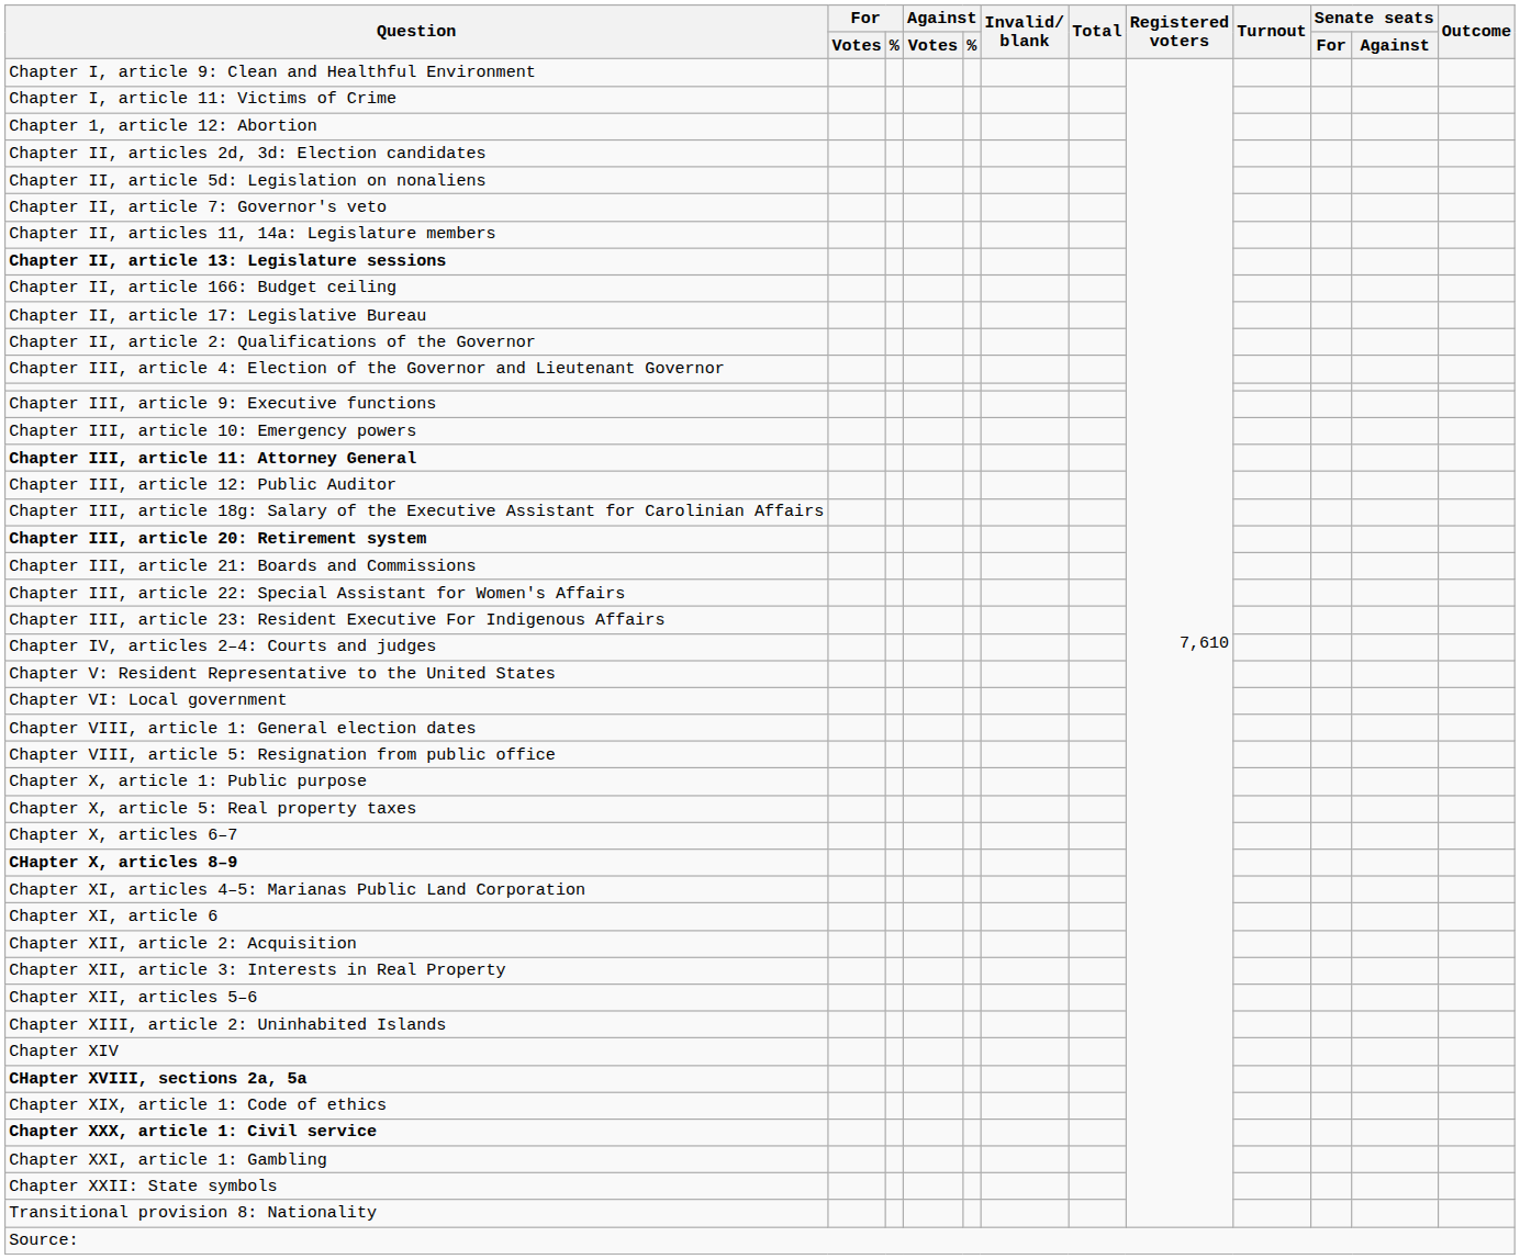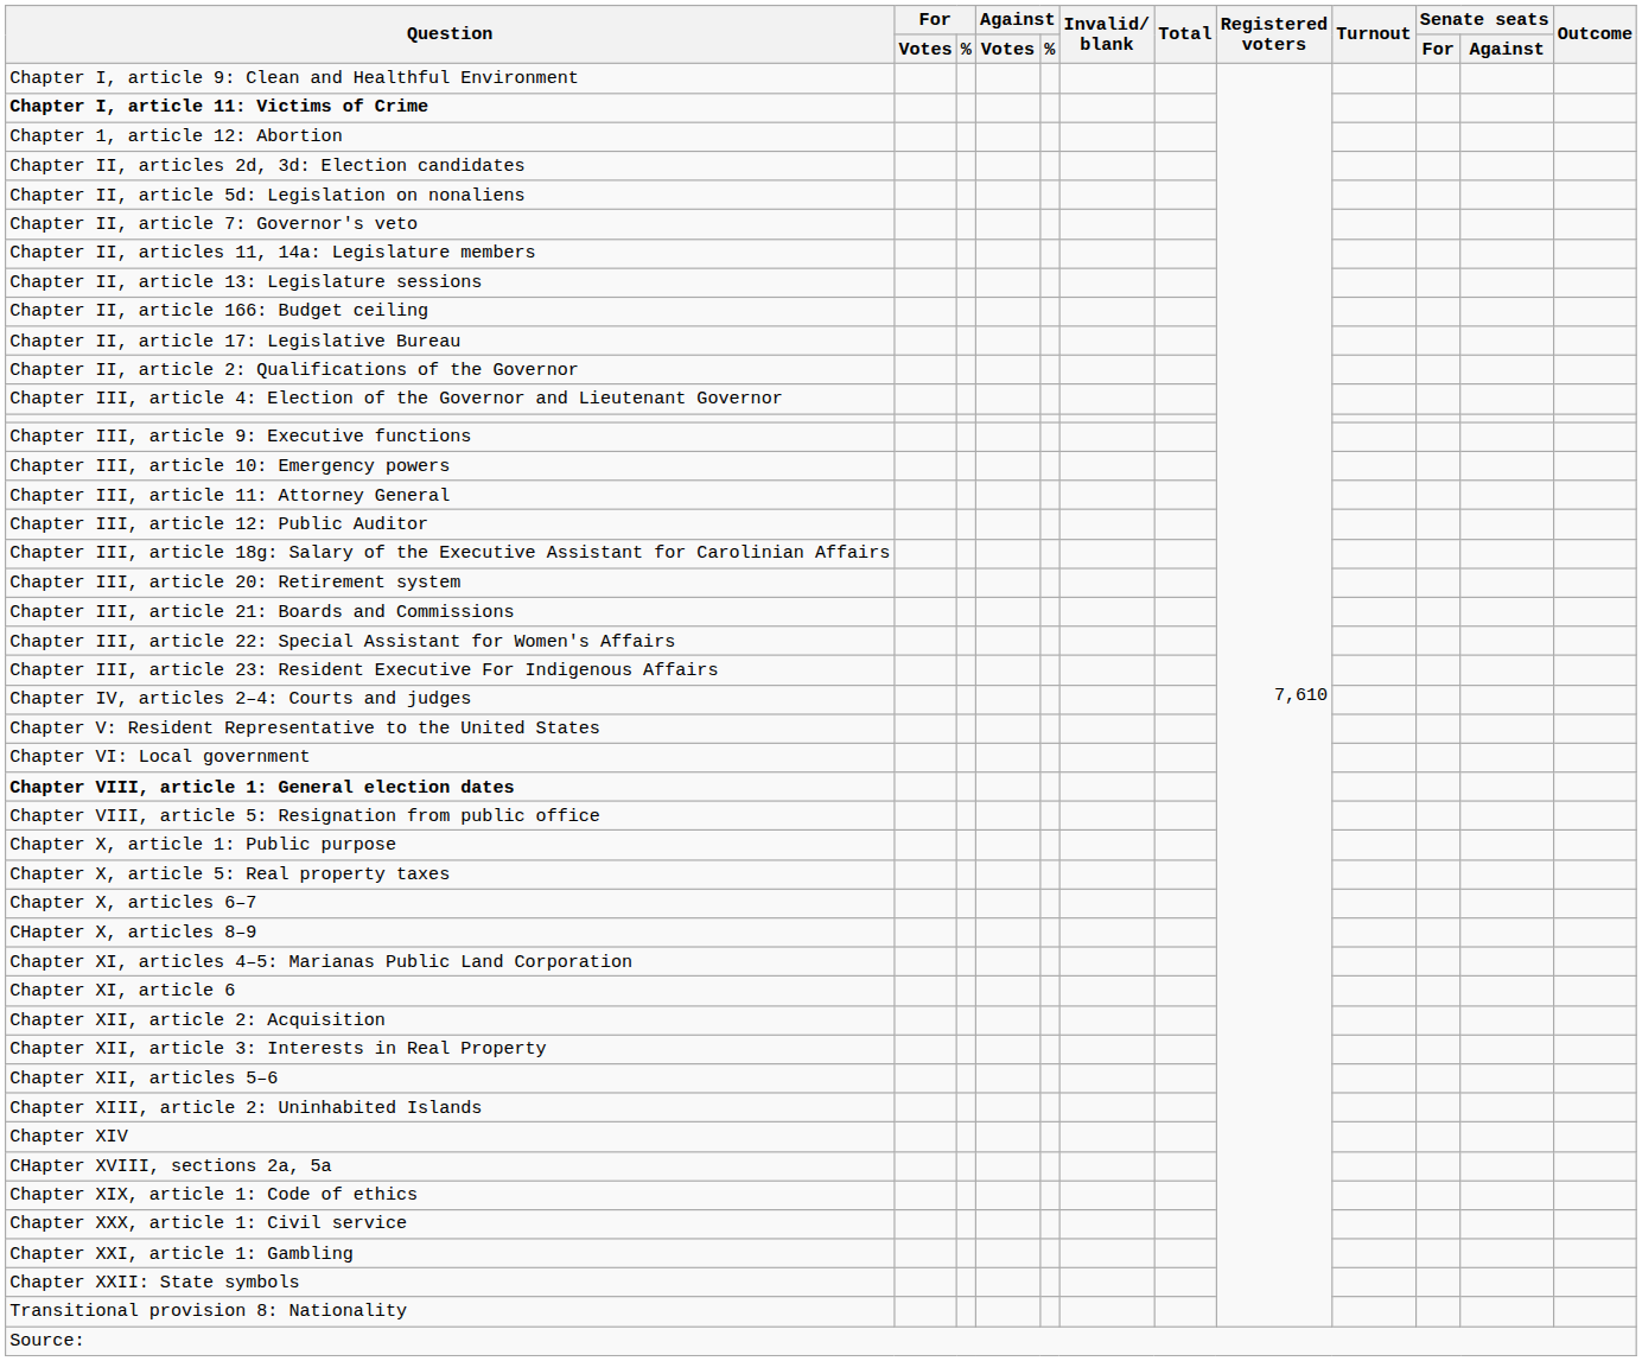 <table class=wikitable style=text-align:right>
 <tr>
 <th rowspan=2>Question</th>
 <th colspan=2>For</th>
 <th colspan=2>Against</th>
 <th rowspan=2>Invalid/<br>blank</th>
 <th rowspan=2>Total</th>
 <th rowspan=2>Registered<br>voters</th>
 <th rowspan=2>Turnout</th>
 <th colspan=2>Senate seats</th>
 <th rowspan=2>Outcome</th>
 </tr>
 <tr>
 <th>Votes</th>
 <th>%</th>
 <th>Votes</th>
 <th>%</th>
 <th>For</th>
 <th>Against</th>
 </tr>
 <tr>
 <td align=left>Chapter I, article 9: Clean and Healthful Environment</td>
 <td></td>
 <td></td>
 <td></td>
 <td></td>
 <td></td>
 <td></td>
 <td rowspan=44>7,610</td>
 <td></td>
 <td></td>
 <td></td>
 <td></td>
 </tr>
 <tr>
-<td align=left>Chapter I, article 11: Victims of Crime</td>
+<td align=left><strong>Chapter I, article 11: Victims of Crime</strong></td>
 <td></td>
 <td></td>
 <td></td>
 <td></td>
 <td></td>
 <td></td>
 <td></td>
 <td></td>
 <td></td>
 <td></td>
 </tr>
 <tr>
 <td align=left>Chapter 1, article 12: Abortion</td>
 <td></td>
 <td></td>
 <td></td>
 <td></td>
 <td></td>
 <td></td>
 <td></td>
 <td></td>
 <td></td>
 <td></td>
 </tr>
 <tr>
 <td align=left>Chapter II, articles 2d, 3d: Election candidates</td>
 <td></td>
 <td></td>
 <td></td>
 <td></td>
 <td></td>
 <td></td>
 <td></td>
 <td></td>
 <td></td>
 <td></td>
 </tr>
 <tr>
 <td align=left>Chapter II, article 5d: Legislation on nonaliens</td>
 <td></td>
 <td></td>
 <td></td>
 <td></td>
 <td></td>
 <td></td>
 <td></td>
 <td></td>
 <td></td>
 <td></td>
 </tr>
 <tr>
 <td align=left>Chapter II, article 7: Governor's veto</td>
 <td></td>
 <td></td>
 <td></td>
 <td></td>
 <td></td>
 <td></td>
 <td></td>
 <td></td>
 <td></td>
 <td></td>
 </tr>
 <tr>
 <td align=left>Chapter II, articles 11, 14a: Legislature members</td>
 <td></td>
 <td></td>
 <td></td>
 <td></td>
 <td></td>
 <td></td>
 <td></td>
 <td></td>
 <td></td>
 <td></td>
 </tr>
 <tr>
-<td align=left><strong>Chapter II, article 13: Legislature sessions</strong></td>
+<td align=left>Chapter II, article 13: Legislature sessions</td>
 <td></td>
 <td></td>
 <td></td>
 <td></td>
 <td></td>
 <td></td>
 <td></td>
 <td></td>
 <td></td>
 <td></td>
 </tr>
 <tr>
 <td align=left>Chapter II, article 166: Budget ceiling</td>
 <td></td>
 <td></td>
 <td></td>
 <td></td>
 <td></td>
 <td></td>
 <td></td>
 <td></td>
 <td></td>
 <td></td>
 </tr>
 <tr>
 <td align=left>Chapter II, article 17: Legislative Bureau</td>
 <td></td>
 <td></td>
 <td></td>
 <td></td>
 <td></td>
 <td></td>
 <td></td>
 <td></td>
 <td></td>
 <td></td>
 </tr>
 <tr>
 <td align=left>Chapter II, article 2: Qualifications of the Governor</td>
 <td></td>
 <td></td>
 <td></td>
 <td></td>
 <td></td>
 <td></td>
 <td></td>
 <td></td>
 <td></td>
 <td></td>
 </tr>
 <tr>
 <td align=left>Chapter III, article 4: Election of the Governor and Lieutenant Governor</td>
 <td></td>
 <td></td>
 <td></td>
 <td></td>
 <td></td>
 <td></td>
 <td></td>
 <td></td>
 <td></td>
 <td></td>
 </tr>
 <tr>
 <td align=left></td>
 <td></td>
 <td></td>
 <td></td>
 <td></td>
 <td></td>
 <td></td>
 <td></td>
 <td></td>
 <td></td>
 <td></td>
 </tr>
 <tr>
 <td align=left>Chapter III, article 9: Executive functions</td>
 <td></td>
 <td></td>
 <td></td>
 <td></td>
 <td></td>
 <td></td>
 <td></td>
 <td></td>
 <td></td>
 <td></td>
 </tr>
 <tr>
 <td align=left>Chapter III, article 10: Emergency powers</td>
 <td></td>
 <td></td>
 <td></td>
 <td></td>
 <td></td>
 <td></td>
 <td></td>
 <td></td>
 <td></td>
 <td></td>
 </tr>
 <tr>
-<td align=left><strong>Chapter III, article 11: Attorney General</strong></td>
+<td align=left>Chapter III, article 11: Attorney General</td>
 <td></td>
 <td></td>
 <td></td>
 <td></td>
 <td></td>
 <td></td>
 <td></td>
 <td></td>
 <td></td>
 <td></td>
 </tr>
 <tr>
 <td align=left>Chapter III, article 12: Public Auditor</td>
 <td></td>
 <td></td>
 <td></td>
 <td></td>
 <td></td>
 <td></td>
 <td></td>
 <td></td>
 <td></td>
 <td></td>
 </tr>
 <tr>
 <td align=left>Chapter III, article 18g: Salary of the Executive Assistant for Carolinian Affairs</td>
 <td></td>
 <td></td>
 <td></td>
 <td></td>
 <td></td>
 <td></td>
 <td></td>
 <td></td>
 <td></td>
 <td></td>
 </tr>
 <tr>
-<td align=left><strong>Chapter III, article 20: Retirement system</strong></td>
+<td align=left>Chapter III, article 20: Retirement system</td>
 <td></td>
 <td></td>
 <td></td>
 <td></td>
 <td></td>
 <td></td>
 <td></td>
 <td></td>
 <td></td>
 <td></td>
 </tr>
 <tr>
 <td align=left>Chapter III, article 21: Boards and Commissions</td>
 <td></td>
 <td></td>
 <td></td>
 <td></td>
 <td></td>
 <td></td>
 <td></td>
 <td></td>
 <td></td>
 <td></td>
 </tr>
 <tr>
 <td align=left>Chapter III, article 22: Special Assistant for Women's Affairs</td>
 <td></td>
 <td></td>
 <td></td>
 <td></td>
 <td></td>
 <td></td>
 <td></td>
 <td></td>
 <td></td>
 <td></td>
 </tr>
 <tr>
 <td align=left>Chapter III, article 23: Resident Executive For Indigenous Affairs</td>
 <td></td>
 <td></td>
 <td></td>
 <td></td>
 <td></td>
 <td></td>
 <td></td>
 <td></td>
 <td></td>
 <td></td>
 </tr>
 <tr>
 <td align=left>Chapter IV, articles 2–4: Courts and judges</td>
 <td></td>
 <td></td>
 <td></td>
 <td></td>
 <td></td>
 <td></td>
 <td></td>
 <td></td>
 <td></td>
 <td></td>
 </tr>
 <tr>
 <td align=left>Chapter V: Resident Representative to the United States</td>
 <td></td>
 <td></td>
 <td></td>
 <td></td>
 <td></td>
 <td></td>
 <td></td>
 <td></td>
 <td></td>
 <td></td>
 </tr>
 <tr>
 <td align=left>Chapter VI: Local government</td>
 <td></td>
 <td></td>
 <td></td>
 <td></td>
 <td></td>
 <td></td>
 <td></td>
 <td></td>
 <td></td>
 <td></td>
 </tr>
 <tr>
-<td align=left>Chapter VIII, article 1: General election dates</td>
+<td align=left><strong>Chapter VIII, article 1: General election dates</strong></td>
 <td></td>
 <td></td>
 <td></td>
 <td></td>
 <td></td>
 <td></td>
 <td></td>
 <td></td>
 <td></td>
 <td></td>
 </tr>
 <tr>
 <td align=left>Chapter VIII, article 5: Resignation from public office</td>
 <td></td>
 <td></td>
 <td></td>
 <td></td>
 <td></td>
 <td></td>
 <td></td>
 <td></td>
 <td></td>
 <td></td>
 </tr>
 <tr>
 <td align=left>Chapter X, article 1: Public purpose</td>
 <td></td>
 <td></td>
 <td></td>
 <td></td>
 <td></td>
 <td></td>
 <td></td>
 <td></td>
 <td></td>
 <td></td>
 </tr>
 <tr>
 <td align=left>Chapter X, article 5: Real property taxes</td>
 <td></td>
 <td></td>
 <td></td>
 <td></td>
 <td></td>
 <td></td>
 <td></td>
 <td></td>
 <td></td>
 <td></td>
 </tr>
 <tr>
 <td align=left>Chapter X, articles 6–7</td>
 <td></td>
 <td></td>
 <td></td>
 <td></td>
 <td></td>
 <td></td>
 <td></td>
 <td></td>
 <td></td>
 <td></td>
 </tr>
 <tr>
-<td align=left><strong>CHapter X, articles 8–9</strong></td>
+<td align=left>CHapter X, articles 8–9</td>
 <td></td>
 <td></td>
 <td></td>
 <td></td>
 <td></td>
 <td></td>
 <td></td>
 <td></td>
 <td></td>
 <td></td>
 </tr>
 <tr>
 <td align=left>Chapter XI, articles 4–5: Marianas Public Land Corporation</td>
 <td></td>
 <td></td>
 <td></td>
 <td></td>
 <td></td>
 <td></td>
 <td></td>
 <td></td>
 <td></td>
 <td></td>
 </tr>
 <tr>
 <td align=left>Chapter XI, article 6</td>
 <td></td>
 <td></td>
 <td></td>
 <td></td>
 <td></td>
 <td></td>
 <td></td>
 <td></td>
 <td></td>
 <td></td>
 </tr>
 <tr>
 <td align=left>Chapter XII, article 2: Acquisition</td>
 <td></td>
 <td></td>
 <td></td>
 <td></td>
 <td></td>
 <td></td>
 <td></td>
 <td></td>
 <td></td>
 <td></td>
 </tr>
 <tr>
 <td align=left>Chapter XII, article 3: Interests in Real Property</td>
 <td></td>
 <td></td>
 <td></td>
 <td></td>
 <td></td>
 <td></td>
 <td></td>
 <td></td>
 <td></td>
 <td></td>
 </tr>
 <tr>
 <td align=left>Chapter XII, articles 5–6</td>
 <td></td>
 <td></td>
 <td></td>
 <td></td>
 <td></td>
 <td></td>
 <td></td>
 <td></td>
 <td></td>
 <td></td>
 </tr>
 <tr>
 <td align=left>Chapter XIII, article 2: Uninhabited Islands</td>
 <td></td>
 <td></td>
 <td></td>
 <td></td>
 <td></td>
 <td></td>
 <td></td>
 <td></td>
 <td></td>
 <td></td>
 </tr>
 <tr>
 <td align=left>Chapter XIV</td>
 <td></td>
 <td></td>
 <td></td>
 <td></td>
 <td></td>
 <td></td>
 <td></td>
 <td></td>
 <td></td>
 <td></td>
 </tr>
 <tr>
-<td align=left><strong>CHapter XVIII, sections 2a, 5a</strong></td>
+<td align=left>CHapter XVIII, sections 2a, 5a</td>
 <td></td>
 <td></td>
 <td></td>
 <td></td>
 <td></td>
 <td></td>
 <td></td>
 <td></td>
 <td></td>
 <td></td>
 </tr>
 <tr>
 <td align=left>Chapter XIX, article 1: Code of ethics</td>
 <td></td>
 <td></td>
 <td></td>
 <td></td>
 <td></td>
 <td></td>
 <td></td>
 <td></td>
 <td></td>
 <td></td>
 </tr>
 <tr>
-<td align=left><strong>Chapter XXX, article 1: Civil service</strong></td>
+<td align=left>Chapter XXX, article 1: Civil service</td>
 <td></td>
 <td></td>
 <td></td>
 <td></td>
 <td></td>
 <td></td>
 <td></td>
 <td></td>
 <td></td>
 <td></td>
 </tr>
 <tr>
 <td align=left>Chapter XXI, article 1: Gambling</td>
 <td></td>
 <td></td>
 <td></td>
 <td></td>
 <td></td>
 <td></td>
 <td></td>
 <td></td>
 <td></td>
 <td></td>
 </tr>
 <tr>
 <td align=left>Chapter XXII: State symbols</td>
 <td></td>
 <td></td>
 <td></td>
 <td></td>
 <td></td>
 <td></td>
 <td></td>
 <td></td>
 <td></td>
 <td></td>
 </tr>
 <tr>
 <td align=left>Transitional provision 8: Nationality</td>
 <td></td>
 <td></td>
 <td></td>
 <td></td>
 <td></td>
 <td></td>
 <td></td>
 <td></td>
 <td></td>
 <td></td>
 </tr>
 <tr>
 <td align=left colspan=12>Source: </td>
 </tr>
 </table>
